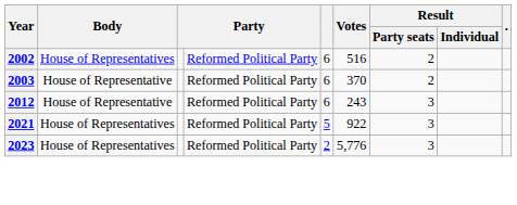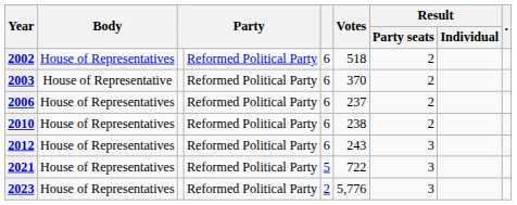 <table class="wikitable plainrowheaders sortable" border=2 cellpadding=4 cellspacing=0 style="border: 1px #aaa solid; font-size: 90%; text-align:center;">
 <tr>
 <th scope="col" rowspan=2>Year</th>
 <th scope="col" rowspan=2>Body</th>
 <th scope="col" colspan=2 rowspan=2>Party</th>
 <th scope="col" rowspan=2></th>
 <th scope="col" rowspan=2>Votes</th>
 <th scope="colgroup" colspan=2>Result</th>
 <th scope="col" rowspan=2 class="unsortable">.</th>
 </tr>
 <tr>
 <th scope="col">Party seats</th>
 <th scope="col">Individual</th>
 </tr>
 <tr>
 <th scope="row"><a href='#'>2002</a></th>
 <td><a href='#'>House of Representatives</a></td>
 <td style="background-color:"></td>
 <td><a href='#'>Reformed Political Party</a></td>
 <td style=text-align:right>6</td>
-<td style=text-align:right>516</td>
+<td style=text-align:right>518</td>
 <td style=text-align:right>2</td>
 <td></td>
 <td></td>
 </tr>
 <tr>
 <th scope="row"><a href='#'>2003</a></th>
 <td>House of Representative</td>
 <td style="background-color:"></td>
 <td>Reformed Political Party</td>
 <td style=text-align:right>6</td>
 <td style=text-align:right>370</td>
 <td style=text-align:right>2</td>
 <td></td>
 <td></td>
 </tr>
 <tr>
+<th scope="row"><a href='#'>2006</a></th>
+<td>House of Representatives</td>
+<td style="background-color:"></td>
+<td>Reformed Political Party</td>
+<td style=text-align:right>6</td>
+<td style=text-align:right>237</td>
+<td style=text-align:right>2</td>
+<td></td>
+<td></td>
+</tr>
+<tr>
+<th scope="row"><a href='#'>2010</a></th>
+<td>House of Representatives</td>
+<td style="background-color:"></td>
+<td>Reformed Political Party</td>
+<td style=text-align:right>6</td>
+<td style=text-align:right>238</td>
+<td style=text-align:right>2</td>
+<td></td>
+<td></td>
+</tr>
+<tr>
 <th scope="row"><a href='#'>2012</a></th>
-<td>House of Representative</td>
+<td>House of Representatives</td>
 <td style="background-color:"></td>
 <td>Reformed Political Party</td>
 <td style=text-align:right>6</td>
 <td style=text-align:right>243</td>
 <td style=text-align:right>3</td>
 <td></td>
 <td></td>
 </tr>
 <tr>
 <th scope="row"><a href='#'>2021</a></th>
 <td>House of Representatives</td>
 <td style="background-color:"></td>
 <td>Reformed Political Party</td>
 <td style=text-align:right><a href='#'>5</a></td>
-<td style=text-align:right>922</td>
+<td style=text-align:right>722</td>
 <td style=text-align:right>3</td>
 <td></td>
 <td></td>
 </tr>
 <tr>
 <th scope="row"><a href='#'>2023</a></th>
 <td>House of Representatives</td>
 <td style="background-color:"></td>
 <td>Reformed Political Party</td>
 <td style=text-align:right><a href='#'>2</a></td>
 <td style=text-align:right>5,776</td>
 <td style=text-align:right>3</td>
 <td></td>
 <td></td>
 </tr>
 </table>
